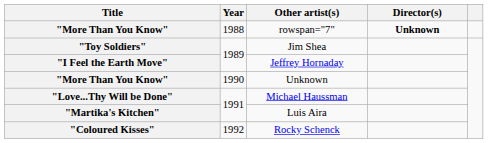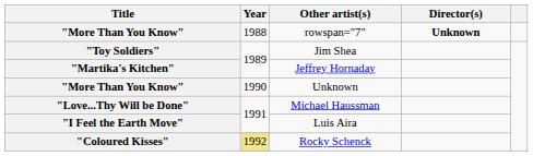 <table class="wikitable plainrowheaders" style="text-align:center;">
 <tr>
 <th scope="col" style="width: 20em;">Title</th>
 <th scope="col" style="width: 1em;">Year</th>
 <th scope="col" style="width: 11em;">Other artist(s)</th>
 <th scope="col" style="width: 9em;">Director(s)</th>
 <th scope="col" style="width: 1em;"></th>
 </tr>
 <tr>
 <th scope="row">"More Than You Know"</th>
 <td rowspan="1">1988</td>
 <td>rowspan="7" </td>
 <td rowspan="1"><strong>Unknown</strong></td>
 <td></td>
 </tr>
 <tr>
 <th scope="row">"Toy Soldiers"</th>
 <td rowspan="2">1989</td>
 <td rowspan="1">Jim Shea</td>
 <td></td>
 </tr>
 <tr>
-<th scope="row">"I Feel the Earth Move"</th>
+<th scope="row">"Martika's Kitchen"</th>
 <td rowspan="1"><a href='#'>Jeffrey Hornaday</a></td>
 <td></td>
 </tr>
 <tr>
 <th scope="row">"More Than You Know"</th>
 <td rowspan="1">1990</td>
 <td rowspan="1">Unknown</td>
 <td></td>
 </tr>
 <tr>
 <th scope="row">"Love...Thy Will be Done"</th>
 <td rowspan="2">1991</td>
 <td rowspan="1"><a href='#'>Michael Haussman</a></td>
 <td></td>
 </tr>
 <tr>
-<th scope="row">"Martika's Kitchen"</th>
+<th scope="row">"I Feel the Earth Move"</th>
 <td rowspan="1">Luis Aira</td>
 <td></td>
 </tr>
 <tr>
 <th scope="row">"Coloured Kisses"</th>
-<td rowspan="1">1992</td>
+<td rowspan="1" style="background: khaki;">1992</td>
 <td rowspan="1"><a href='#'>Rocky Schenck</a></td>
 <td></td>
 </tr>
 </table>
